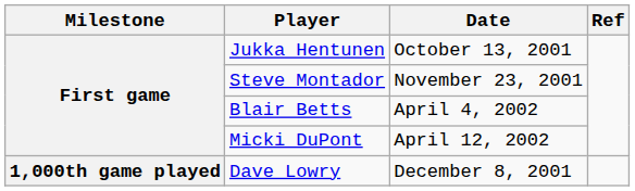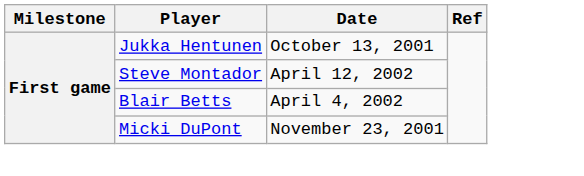 <table class="wikitable">
 <tr>
 <th scope="col">Milestone</th>
 <th scope="col">Player</th>
 <th scope="col">Date</th>
 <th scope="col">Ref</th>
 </tr>
 <tr>
 <th rowspan=4>First game</th>
 <td><a href='#'>Jukka Hentunen</a></td>
 <td>October 13, 2001</td>
 <td rowspan=4></td>
 </tr>
 <tr>
 <td><a href='#'>Steve Montador</a></td>
-<td>November 23, 2001</td>
+<td>April 12, 2002</td>
 </tr>
 <tr>
 <td><a href='#'>Blair Betts</a></td>
 <td>April 4, 2002</td>
 </tr>
 <tr>
 <td><a href='#'>Micki DuPont</a></td>
-<td>April 12, 2002</td>
-</tr>
-<tr>
-<th>1,000th game played</th>
-<td><a href='#'>Dave Lowry</a></td>
-<td>December 8, 2001</td>
-<td></td>
+<td>November 23, 2001</td>
 </tr>
 </table>
